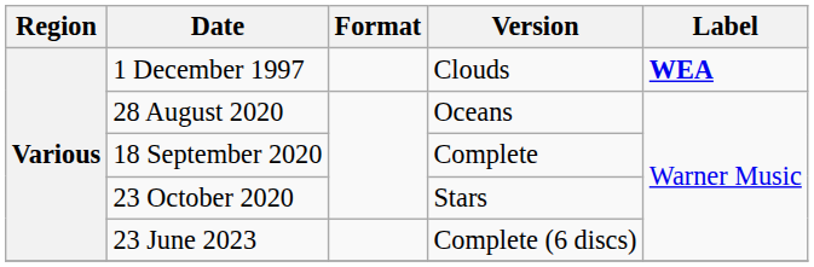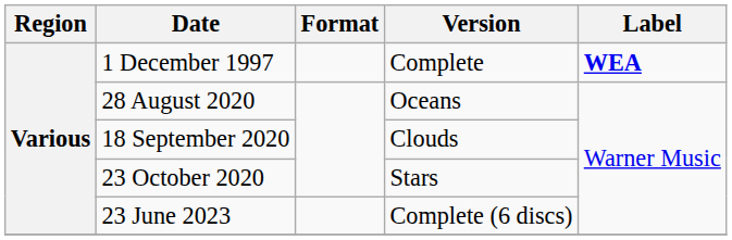 <table class="wikitable plainrowheaders">
 <tr>
 <th scope="col">Region</th>
 <th scope="col">Date</th>
 <th scope="col">Format</th>
 <th scope="col">Version</th>
 <th scope="col">Label</th>
 </tr>
 <tr>
 <th scope="row" rowspan="5">Various</th>
 <td>1 December 1997</td>
 <td></td>
-<td>Clouds</td>
+<td>Complete</td>
 <td><strong><a href='#'>WEA</a></strong></td>
 </tr>
 <tr>
 <td>28 August 2020</td>
 <td rowspan="3"></td>
 <td>Oceans</td>
 <td rowspan="4"><a href='#'>Warner Music</a></td>
 </tr>
 <tr>
 <td>18 September 2020</td>
-<td>Complete</td>
+<td>Clouds</td>
 </tr>
 <tr>
 <td>23 October 2020</td>
 <td>Stars</td>
 </tr>
 <tr>
 <td>23 June 2023</td>
 <td></td>
 <td>Complete (6 discs)</td>
 </tr>
 <tr>
 </tr>
 </table>
